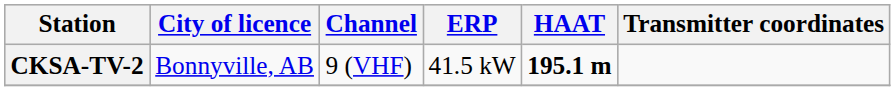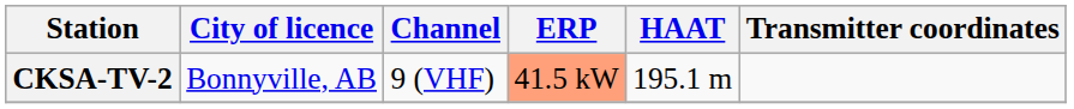 <table class="wikitable">
 <tr>
 <th>Station</th>
 <th><a href='#'>City of licence</a></th>
 <th><a href='#'>Channel</a></th>
 <th><a href='#'>ERP</a></th>
 <th><a href='#'>HAAT</a></th>
 <th>Transmitter coordinates</th>
 </tr>
 <tr style="vertical-align: top; text-align: left;">
 <th scope = "row">CKSA-TV-2</th>
 <td><a href='#'>Bonnyville, AB</a></td>
 <td>9 (<a href='#'>VHF</a>)</td>
-<td>41.5 kW</td>
-<td><strong>195.1 m</strong></td>
+<td style="background: lightsalmon;">41.5 kW</td>
+<td>195.1 m</td>
 <td></td>
 </tr>
 <tr style="vertical-align: top; text-align: left;">
 </tr>
 </table>
